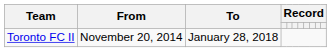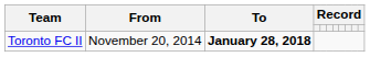 <table class="wikitable" style="text-align: center">
 <tr>
 <th rowspan="2">Team</th>
 <th rowspan="2">From</th>
 <th rowspan="2">To</th>
 <th colspan="8">Record</th>
 </tr>
 <tr>
 <th></th>
 <th></th>
 <th></th>
 <th></th>
 <th></th>
 <th></th>
 <th></th>
 <th></th>
 </tr>
 <tr>
 <td><a href='#'>Toronto FC II</a></td>
 <td>November 20, 2014</td>
-<td>January 28, 2018<br></td>
+<td><strong>January 28, 2018<br></strong></td>
 </tr>
 </table>
